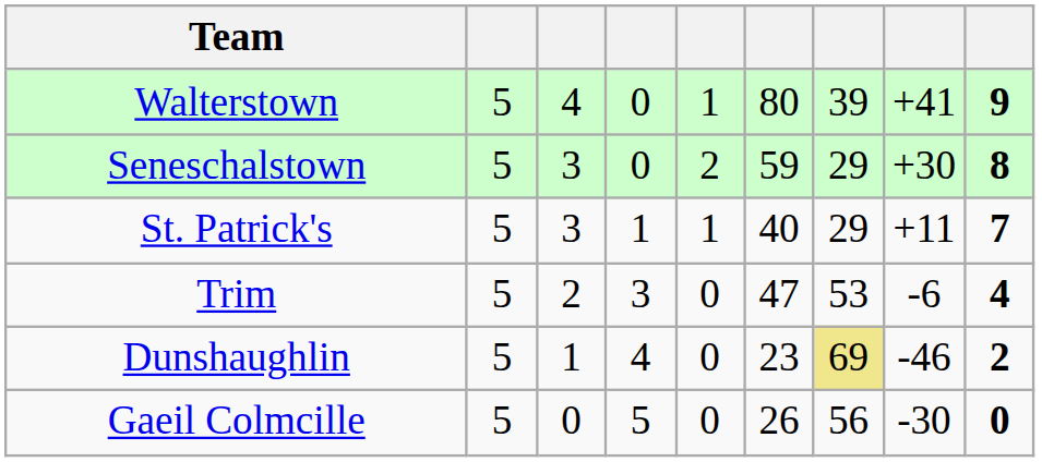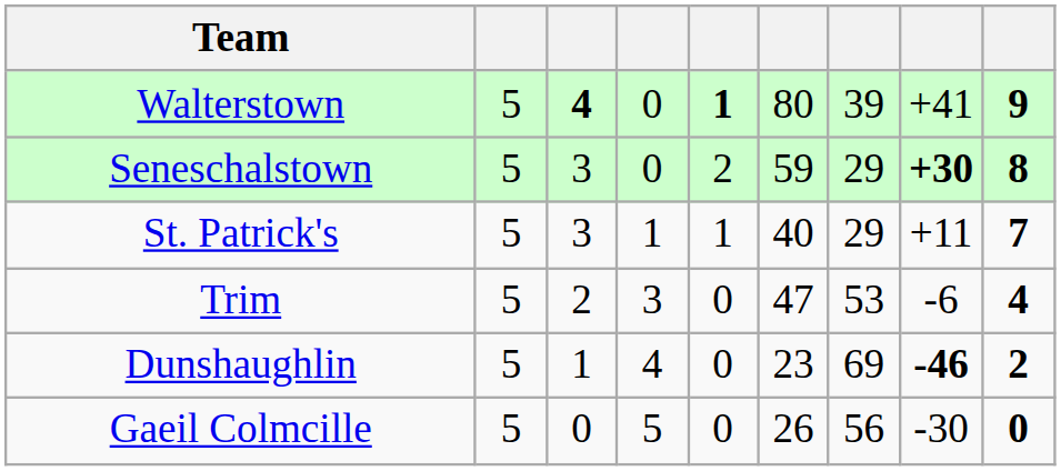 <table class="wikitable" style="text-align:center">
 <tr>
 <th style="width:175px;">Team</th>
 <th width="20"></th>
 <th width="20"></th>
 <th width="20"></th>
 <th width="20"></th>
 <th width="20"></th>
 <th width="20"></th>
 <th width="20"></th>
 <th width="20"></th>
 </tr>
 <tr style="background:#cfc;">
 <td><a href='#'>Walterstown</a></td>
 <td>5</td>
-<td>4</td>
+<td><strong>4</strong></td>
 <td>0</td>
-<td>1</td>
+<td><strong>1</strong></td>
 <td>80</td>
 <td>39</td>
 <td>+41</td>
 <td><strong>9</strong></td>
 </tr>
 <tr style="background:#cfc;">
 <td><a href='#'>Seneschalstown</a></td>
 <td>5</td>
 <td>3</td>
 <td>0</td>
 <td>2</td>
 <td>59</td>
 <td>29</td>
-<td>+30</td>
+<td><strong>+30</strong></td>
 <td><strong>8</strong></td>
 </tr>
 <tr>
 <td><a href='#'>St. Patrick's</a></td>
 <td>5</td>
 <td>3</td>
 <td>1</td>
 <td>1</td>
 <td>40</td>
 <td>29</td>
 <td>+11</td>
 <td><strong>7</strong></td>
 </tr>
 <tr>
 <td><a href='#'>Trim</a></td>
 <td>5</td>
 <td>2</td>
 <td>3</td>
 <td>0</td>
 <td>47</td>
 <td>53</td>
 <td>-6</td>
 <td><strong>4</strong></td>
 </tr>
 <tr>
 <td><a href='#'>Dunshaughlin</a></td>
 <td>5</td>
 <td>1</td>
 <td>4</td>
 <td>0</td>
 <td>23</td>
-<td style="background: khaki;">69</td>
-<td>-46</td>
+<td>69</td>
+<td><strong>-46</strong></td>
 <td><strong>2</strong></td>
 </tr>
 <tr>
 <td><a href='#'>Gaeil Colmcille</a></td>
 <td>5</td>
 <td>0</td>
 <td>5</td>
 <td>0</td>
 <td>26</td>
 <td>56</td>
 <td>-30</td>
 <td><strong>0</strong></td>
 </tr>
 </table>
